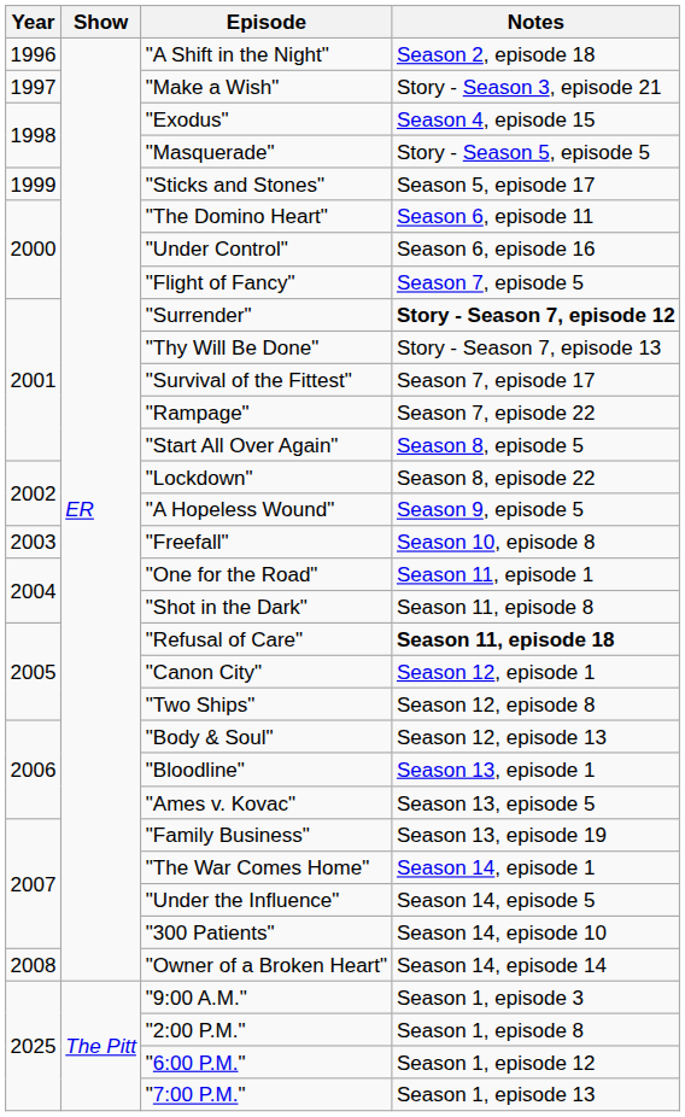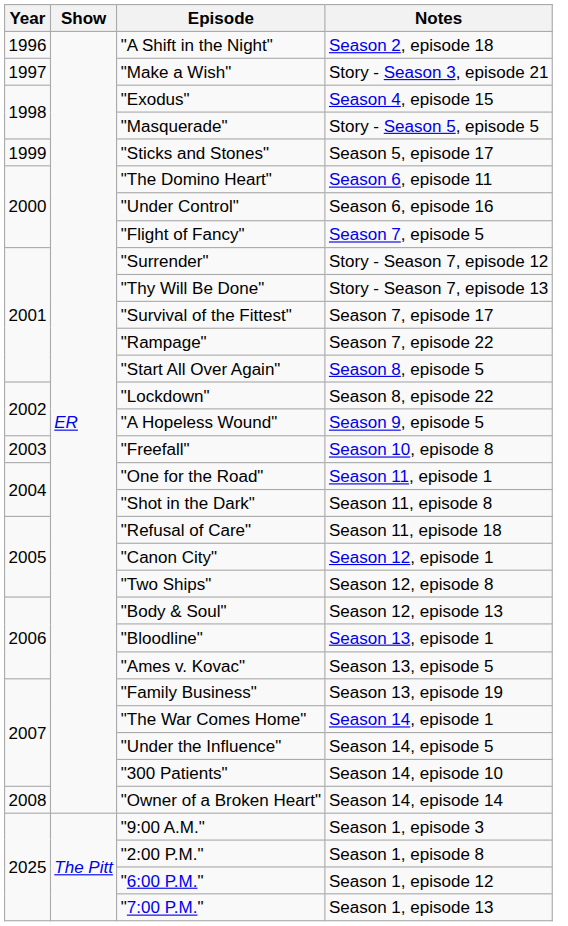 <table class="wikitable" style="font-size: 95%;">
 <tr>
 <th>Year</th>
 <th>Show</th>
 <th>Episode</th>
 <th>Notes</th>
 </tr>
 <tr>
 <td>1996</td>
 <td rowspan=29><em><a href='#'>ER</a></em></td>
 <td>"A Shift in the Night"</td>
 <td><a href='#'>Season 2</a>, episode 18</td>
 </tr>
 <tr>
 <td>1997</td>
 <td>"Make a Wish"</td>
 <td>Story - <a href='#'>Season 3</a>, episode 21</td>
 </tr>
 <tr>
 <td rowspan=2>1998</td>
 <td>"Exodus"</td>
 <td><a href='#'>Season 4</a>, episode 15</td>
 </tr>
 <tr>
 <td>"Masquerade"</td>
 <td>Story - <a href='#'>Season 5</a>, episode 5</td>
 </tr>
 <tr>
 <td>1999</td>
 <td>"Sticks and Stones"</td>
 <td>Season 5, episode 17</td>
 </tr>
 <tr>
 <td rowspan=3>2000</td>
 <td>"The Domino Heart"</td>
 <td><a href='#'>Season 6</a>, episode 11</td>
 </tr>
 <tr>
 <td>"Under Control"</td>
 <td>Season 6, episode 16</td>
 </tr>
 <tr>
 <td>"Flight of Fancy"</td>
 <td><a href='#'>Season 7</a>, episode 5</td>
 </tr>
 <tr>
 <td rowspan=5>2001</td>
 <td>"Surrender"</td>
-<td><strong>Story - Season 7, episode 12</strong></td>
+<td>Story - Season 7, episode 12</td>
 </tr>
 <tr>
 <td>"Thy Will Be Done"</td>
 <td>Story - Season 7, episode 13</td>
 </tr>
 <tr>
 <td>"Survival of the Fittest"</td>
 <td>Season 7, episode 17</td>
 </tr>
 <tr>
 <td>"Rampage"</td>
 <td>Season 7, episode 22</td>
 </tr>
 <tr>
 <td>"Start All Over Again"</td>
 <td><a href='#'>Season 8</a>, episode 5</td>
 </tr>
 <tr>
 <td rowspan=2>2002</td>
 <td>"Lockdown"</td>
 <td>Season 8, episode 22</td>
 </tr>
 <tr>
 <td>"A Hopeless Wound"</td>
 <td><a href='#'>Season 9</a>, episode 5</td>
 </tr>
 <tr>
 <td>2003</td>
 <td>"Freefall"</td>
 <td><a href='#'>Season 10</a>, episode 8</td>
 </tr>
 <tr>
 <td rowspan=2>2004</td>
 <td>"One for the Road"</td>
 <td><a href='#'>Season 11</a>, episode 1</td>
 </tr>
 <tr>
 <td>"Shot in the Dark"</td>
 <td>Season 11, episode 8</td>
 </tr>
 <tr>
 <td rowspan=3>2005</td>
 <td>"Refusal of Care"</td>
-<td><strong>Season 11, episode 18</strong></td>
+<td>Season 11, episode 18</td>
 </tr>
 <tr>
 <td>"Canon City"</td>
 <td><a href='#'>Season 12</a>, episode 1</td>
 </tr>
 <tr>
 <td>"Two Ships"</td>
 <td>Season 12, episode 8</td>
 </tr>
 <tr>
 <td rowspan=3>2006</td>
 <td>"Body & Soul"</td>
 <td>Season 12, episode 13</td>
 </tr>
 <tr>
 <td>"Bloodline"</td>
 <td><a href='#'>Season 13</a>, episode 1</td>
 </tr>
 <tr>
 <td>"Ames v. Kovac"</td>
 <td>Season 13, episode 5</td>
 </tr>
 <tr>
 <td rowspan=4>2007</td>
 <td>"Family Business"</td>
 <td>Season 13, episode 19</td>
 </tr>
 <tr>
 <td>"The War Comes Home"</td>
 <td><a href='#'>Season 14</a>, episode 1</td>
 </tr>
 <tr>
 <td>"Under the Influence"</td>
 <td>Season 14, episode 5</td>
 </tr>
 <tr>
 <td>"300 Patients"</td>
 <td>Season 14, episode 10</td>
 </tr>
 <tr>
 <td>2008</td>
 <td>"Owner of a Broken Heart"</td>
 <td>Season 14, episode 14</td>
 </tr>
 <tr>
 <td rowspan=4>2025</td>
 <td rowspan=4><em><a href='#'>The Pitt</a></em></td>
 <td>"9:00 A.M."</td>
 <td>Season 1, episode 3</td>
 </tr>
 <tr>
 <td>"2:00 P.M."</td>
 <td>Season 1, episode 8</td>
 </tr>
 <tr>
 <td>"<a href='#'>6:00 P.M.</a>"</td>
 <td>Season 1, episode 12</td>
 </tr>
 <tr>
 <td>"<a href='#'>7:00 P.M.</a>"</td>
 <td>Season 1, episode 13</td>
 </tr>
 </table>
